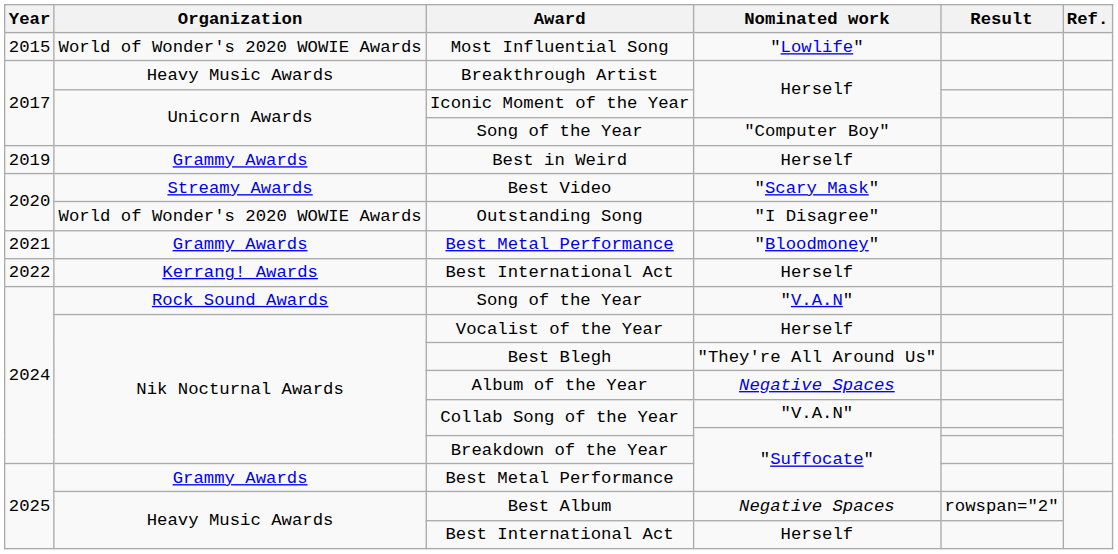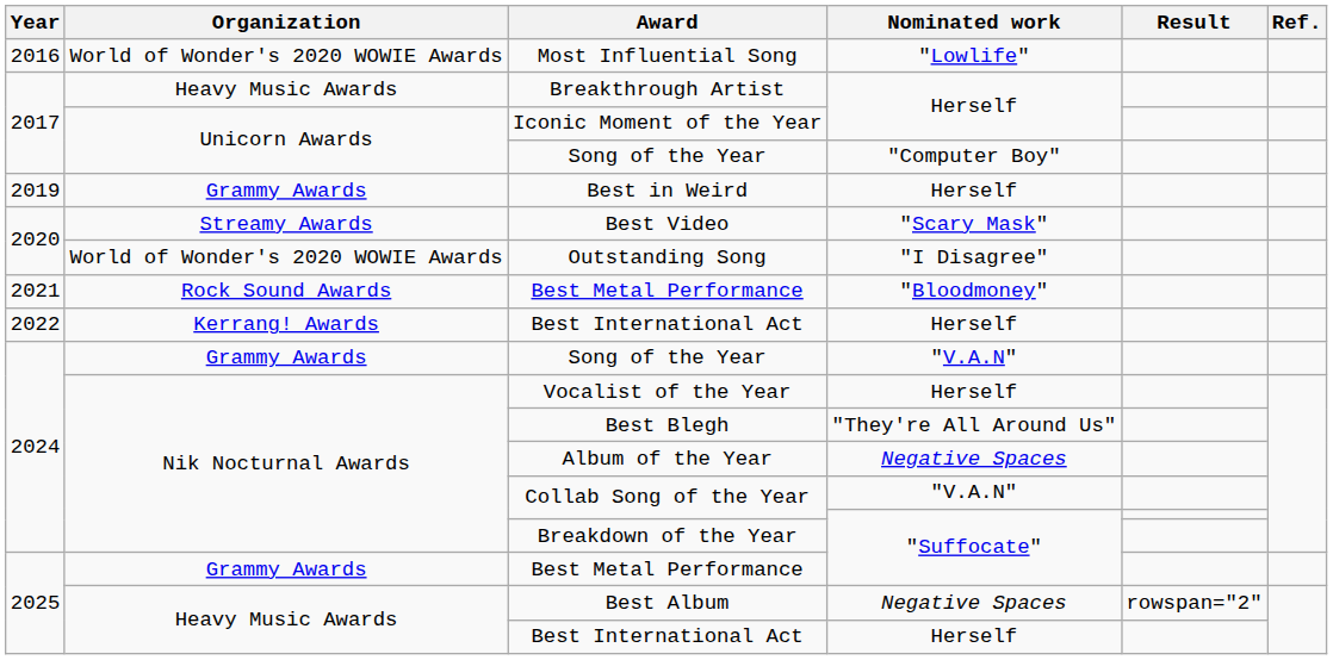 <table class="wikitable plainrowheaders" style="text-align:center;">
 <tr>
 <th>Year</th>
 <th>Organization</th>
 <th>Award</th>
 <th>Nominated work</th>
 <th>Result</th>
 <th>Ref.</th>
 </tr>
 <tr>
-<td>2015</td>
+<td>2016</td>
 <td>World of Wonder's 2020 WOWIE Awards</td>
 <td>Most Influential Song</td>
 <td>"<a href='#'>Lowlife</a>"</td>
 <td></td>
 <td></td>
 </tr>
 <tr>
 <td rowspan="3">2017</td>
 <td>Heavy Music Awards</td>
 <td>Breakthrough Artist</td>
 <td rowspan="2">Herself</td>
 <td></td>
 <td></td>
 </tr>
 <tr>
 <td rowspan="2">Unicorn Awards</td>
 <td>Iconic Moment of the Year</td>
 <td></td>
 <td></td>
 </tr>
 <tr>
 <td>Song of the Year</td>
 <td>"Computer Boy"</td>
 <td></td>
 <td></td>
 </tr>
 <tr>
 <td>2019</td>
 <td><a href='#'>Grammy Awards</a></td>
 <td>Best in Weird</td>
 <td>Herself</td>
 <td></td>
 <td></td>
 </tr>
 <tr>
 <td rowspan="2">2020</td>
 <td><a href='#'>Streamy Awards</a></td>
 <td>Best Video</td>
 <td>"<a href='#'>Scary Mask</a>"</td>
 <td></td>
 <td></td>
 </tr>
 <tr>
 <td>World of Wonder's 2020 WOWIE Awards</td>
 <td>Outstanding Song</td>
 <td>"I Disagree"</td>
 <td></td>
 <td></td>
 </tr>
 <tr>
 <td>2021</td>
-<td><a href='#'>Grammy Awards</a></td>
+<td><a href='#'>Rock Sound Awards</a></td>
 <td><a href='#'>Best Metal Performance</a></td>
 <td>"<a href='#'>Bloodmoney</a>"</td>
 <td></td>
 <td></td>
 </tr>
 <tr>
 <td>2022</td>
 <td><a href='#'>Kerrang! Awards</a></td>
 <td>Best International Act</td>
 <td>Herself</td>
 <td></td>
 <td></td>
 </tr>
 <tr>
 <td rowspan="7">2024</td>
-<td><a href='#'>Rock Sound Awards</a></td>
+<td><a href='#'>Grammy Awards</a></td>
 <td>Song of the Year</td>
 <td>"<a href='#'>V.A.N</a>"</td>
 <td></td>
 <td></td>
 </tr>
 <tr>
 <td rowspan="6">Nik Nocturnal Awards</td>
 <td>Vocalist of the Year</td>
 <td>Herself</td>
 <td></td>
 <td rowspan="6"></td>
 </tr>
 <tr>
 <td>Best Blegh</td>
 <td>"They're All Around Us"</td>
 <td></td>
 </tr>
 <tr>
 <td>Album of the Year</td>
 <td><em><a href='#'>Negative Spaces</a></em></td>
 <td></td>
 </tr>
 <tr>
 <td rowspan="2">Collab Song of the Year</td>
 <td>"V.A.N"</td>
 <td></td>
 </tr>
 <tr>
 <td rowspan="3">"<a href='#'>Suffocate</a>"</td>
 <td></td>
 </tr>
 <tr>
 <td>Breakdown of the Year</td>
 <td></td>
 </tr>
 <tr>
 <td rowspan="3">2025</td>
 <td><a href='#'>Grammy Awards</a></td>
 <td>Best Metal Performance</td>
 <td></td>
 <td></td>
 </tr>
 <tr>
 <td rowspan="2">Heavy Music Awards</td>
 <td>Best Album</td>
 <td><em>Negative Spaces</em></td>
 <td>rowspan="2" </td>
 <td rowspan="2"></td>
 </tr>
 <tr>
 <td>Best International Act</td>
 <td>Herself</td>
 </tr>
 </table>
